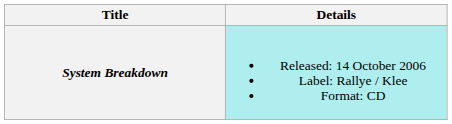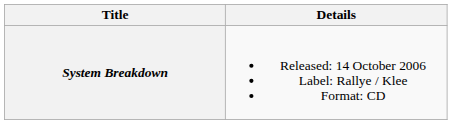 <table class="wikitable plainrowheaders" style="text-align:center;" border="1">
 <tr>
 <th scope="col" rowspan="1" style="width:16em;">Title</th>
 <th scope="col" rowspan="1" style="width:16em;">Details</th>
 </tr>
 <tr>
 <th scope="row"><em>System Breakdown</em></th>
-<td style="background: paleturquoise;"><br><ul><li>Released: 14 October 2006 </li><li>Label:  Rallye / Klee </li><li>Format: CD</li></ul></td>
+<td><br><ul><li>Released: 14 October 2006 </li><li>Label:  Rallye / Klee </li><li>Format: CD</li></ul></td>
 </tr>
 </table>
